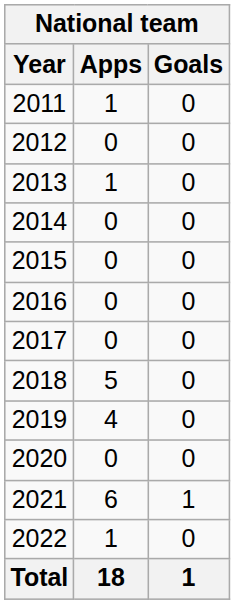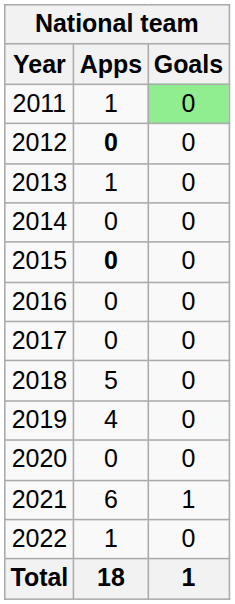 <table class="wikitable" style="text-align:center">
 <tr>
 <th colspan=3>National team</th>
 </tr>
 <tr>
 <th>Year</th>
 <th>Apps</th>
 <th>Goals</th>
 </tr>
 <tr>
 <td>2011</td>
 <td>1</td>
-<td>0</td>
+<td style="background: lightgreen;">0</td>
 </tr>
 <tr>
 <td>2012</td>
-<td>0</td>
+<td><strong>0</strong></td>
 <td>0</td>
 </tr>
 <tr>
 <td>2013</td>
 <td>1</td>
 <td>0</td>
 </tr>
 <tr>
 <td>2014</td>
 <td>0</td>
 <td>0</td>
 </tr>
 <tr>
 <td>2015</td>
-<td>0</td>
+<td><strong>0</strong></td>
 <td>0</td>
 </tr>
 <tr>
 <td>2016</td>
 <td>0</td>
 <td>0</td>
 </tr>
 <tr>
 <td>2017</td>
 <td>0</td>
 <td>0</td>
 </tr>
 <tr>
 <td>2018</td>
 <td>5</td>
 <td>0</td>
 </tr>
 <tr>
 <td>2019</td>
 <td>4</td>
 <td>0</td>
 </tr>
 <tr>
 <td>2020</td>
 <td>0</td>
 <td>0</td>
 </tr>
 <tr>
 <td>2021</td>
 <td>6</td>
 <td>1</td>
 </tr>
 <tr>
 <td>2022</td>
 <td>1</td>
 <td>0</td>
 </tr>
 <tr>
 <th>Total</th>
 <th>18</th>
 <th>1</th>
 </tr>
 </table>
